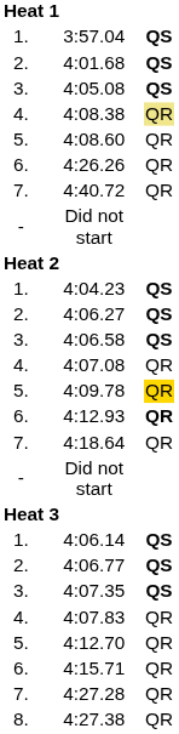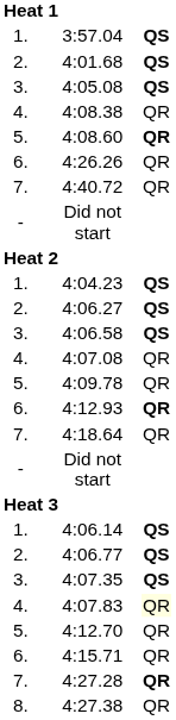 <table style="text-align:center">
 <tr>
 <td colspan=4 align=left><strong>Heat 1</strong></td>
 </tr>
 <tr>
 <td width=30>1.</td>
 <td align=left></td>
 <td width=80>3:57.04</td>
 <td><strong>QS</strong></td>
 </tr>
 <tr>
 <td>2.</td>
 <td align=left></td>
 <td>4:01.68</td>
 <td><strong>QS</strong></td>
 </tr>
 <tr>
 <td>3.</td>
 <td align=left></td>
 <td>4:05.08</td>
 <td><strong>QS</strong></td>
 </tr>
 <tr>
 <td>4.</td>
 <td align=left></td>
 <td>4:08.38</td>
-<td style="background: khaki;">QR</td>
+<td>QR</td>
 </tr>
 <tr>
 <td>5.</td>
 <td align=left></td>
 <td>4:08.60</td>
-<td>QR</td>
+<td><strong>QR</strong></td>
 </tr>
 <tr>
 <td>6.</td>
 <td align=left></td>
 <td>4:26.26</td>
 <td>QR</td>
 </tr>
 <tr>
 <td>7.</td>
 <td align=left></td>
 <td>4:40.72</td>
 <td>QR</td>
 </tr>
 <tr>
 <td>-</td>
 <td align=left></td>
 <td>Did not start</td>
 <td></td>
 </tr>
 <tr>
 <td colspan=4 align=left><strong>Heat 2</strong></td>
 </tr>
 <tr>
 <td>1.</td>
 <td align=left></td>
 <td>4:04.23</td>
 <td><strong>QS</strong></td>
 </tr>
 <tr>
 <td>2.</td>
 <td align=left></td>
 <td>4:06.27</td>
 <td><strong>QS</strong></td>
 </tr>
 <tr>
 <td>3.</td>
 <td align=left></td>
 <td>4:06.58</td>
 <td><strong>QS</strong></td>
 </tr>
 <tr>
 <td>4.</td>
 <td align=left></td>
 <td>4:07.08</td>
 <td>QR</td>
 </tr>
 <tr>
 <td>5.</td>
 <td align=left></td>
 <td>4:09.78</td>
-<td style="background: gold;">QR</td>
+<td>QR</td>
 </tr>
 <tr>
 <td>6.</td>
 <td align=left></td>
 <td>4:12.93</td>
 <td><strong>QR</strong></td>
 </tr>
 <tr>
 <td>7.</td>
 <td align=left></td>
 <td>4:18.64</td>
 <td>QR</td>
 </tr>
 <tr>
 <td>-</td>
 <td align=left></td>
 <td>Did not start</td>
 <td></td>
 </tr>
 <tr>
 <td colspan=4 align=left><strong>Heat 3</strong></td>
 </tr>
 <tr>
 <td>1.</td>
 <td align=left></td>
 <td>4:06.14</td>
 <td><strong>QS</strong></td>
 </tr>
 <tr>
 <td>2.</td>
 <td align=left></td>
 <td>4:06.77</td>
 <td><strong>QS</strong></td>
 </tr>
 <tr>
 <td>3.</td>
 <td align=left></td>
 <td>4:07.35</td>
 <td><strong>QS</strong></td>
 </tr>
 <tr>
 <td>4.</td>
 <td align=left></td>
 <td>4:07.83</td>
-<td>QR</td>
+<td style="background: lightyellow;">QR</td>
 </tr>
 <tr>
 <td>5.</td>
 <td align=left></td>
 <td>4:12.70</td>
 <td>QR</td>
 </tr>
 <tr>
 <td>6.</td>
 <td align=left></td>
 <td>4:15.71</td>
 <td>QR</td>
 </tr>
 <tr>
 <td>7.</td>
 <td align=left></td>
 <td>4:27.28</td>
-<td>QR</td>
+<td><strong>QR</strong></td>
 </tr>
 <tr>
 <td>8.</td>
 <td align=left></td>
 <td>4:27.38</td>
 <td>QR</td>
 </tr>
 </table>
